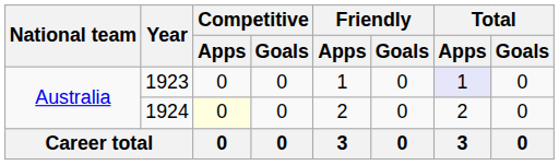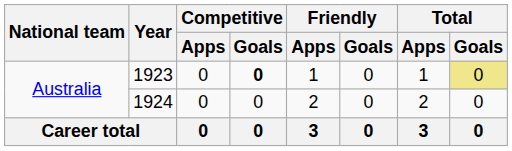 <table class="wikitable" style="text-align:center"A>
 <tr>
 <th rowspan="2">National team</th>
 <th rowspan="2">Year</th>
 <th colspan="2">Competitive</th>
 <th colspan="2">Friendly</th>
 <th colspan="2">Total</th>
 </tr>
 <tr>
 <th>Apps</th>
 <th>Goals</th>
 <th>Apps</th>
 <th>Goals</th>
 <th>Apps</th>
 <th>Goals</th>
 </tr>
 <tr>
 <td rowspan="2"><a href='#'>Australia</a></td>
 <td>1923</td>
 <td>0</td>
+<td><strong>0</strong></td>
+<td>1</td>
 <td>0</td>
 <td>1</td>
-<td>0</td>
-<td style="background: lavender;">1</td>
-<td>0</td>
+<td style="background: khaki;">0</td>
 </tr>
 <tr>
 <td>1924</td>
-<td style="background: lightyellow;">0</td>
+<td>0</td>
 <td>0</td>
 <td>2</td>
 <td>0</td>
 <td>2</td>
 <td>0</td>
 </tr>
 <tr>
 <th colspan=2>Career total</th>
 <th>0</th>
 <th>0</th>
 <th>3</th>
 <th>0</th>
 <th>3</th>
 <th>0</th>
 </tr>
 </table>
